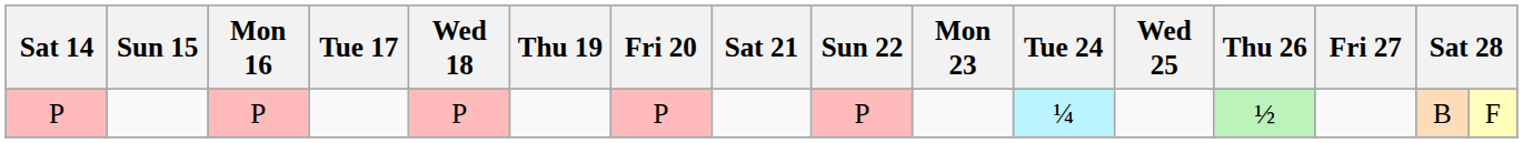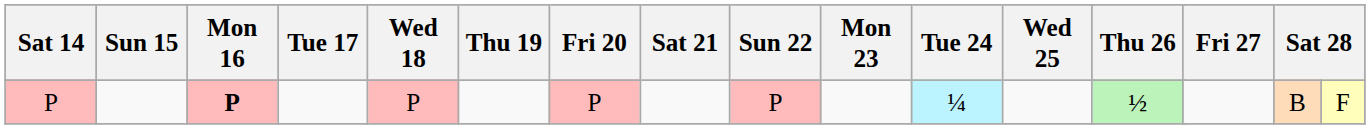 <table class="wikitable" style="margin:0.5em auto; font-size:90%; line-height:1.25em; text-align:center">
 <tr>
 <th width="45">Sat 14</th>
 <th width="45">Sun 15</th>
 <th width="45">Mon 16</th>
 <th width="45">Tue 17</th>
 <th width="45">Wed 18</th>
 <th width="45">Thu 19</th>
 <th width="45">Fri 20</th>
 <th width="45">Sat 21</th>
 <th width="45">Sun 22</th>
 <th width="45">Mon 23</th>
 <th width="45" colspan="2">Tue 24</th>
 <th width="45" colspan="2">Wed 25</th>
 <th width="45" colspan="2">Thu 26</th>
 <th width="45">Fri 27</th>
 <th width="45" colspan="2">Sat 28</th>
 </tr>
 <tr>
 <td bgcolor="#FFBBBB">P</td>
 <td></td>
-<td bgcolor="#FFBBBB">P</td>
+<td bgcolor="#FFBBBB"><strong>P</strong></td>
 <td></td>
 <td bgcolor="#FFBBBB">P</td>
 <td></td>
 <td bgcolor="#FFBBBB">P</td>
 <td></td>
 <td bgcolor="#FFBBBB">P</td>
 <td></td>
 <td bgcolor="#BBF3FF" colspan="2">¼</td>
 <td colspan="2"></td>
 <td bgcolor="#BBF3BB" colspan="2">½</td>
 <td></td>
 <td bgcolor="#FEDCBA">B</td>
 <td bgcolor="#FFFFBB">F</td>
 </tr>
 </table>
